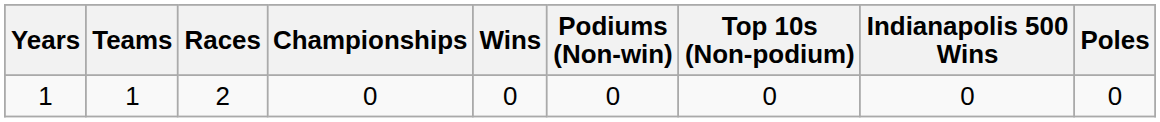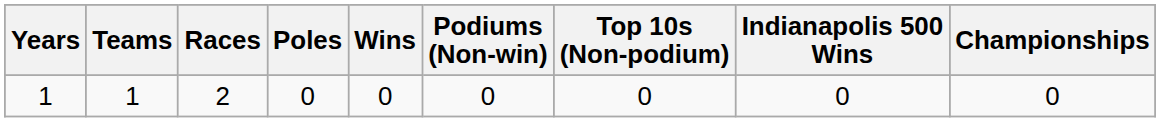 <table class="wikitable" style="text-align:center; font-size:90%">
 <tr>
 <th>Years</th>
 <th>Teams</th>
 <th>Races</th>
-<th>Championships</th>
+<th>Poles</th>
 <th>Wins</th>
 <th>Podiums<br>(Non-win)</th>
 <th>Top 10s<br>(Non-podium)</th>
 <th>Indianapolis 500<br>Wins</th>
-<th>Poles</th>
+<th>Championships</th>
 </tr>
 <tr>
 <td>1</td>
 <td>1</td>
 <td>2</td>
 <td>0</td>
 <td>0</td>
 <td>0</td>
 <td>0</td>
 <td>0</td>
 <td>0</td>
 </tr>
 </table>
